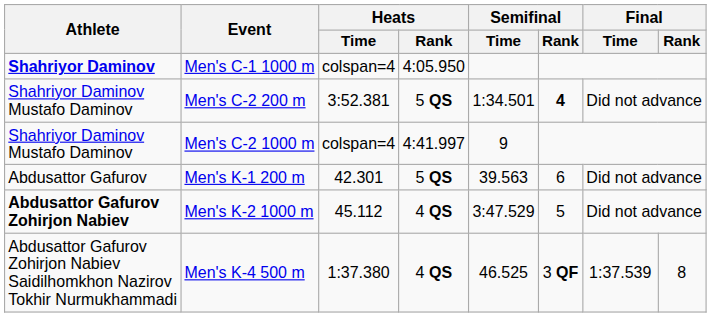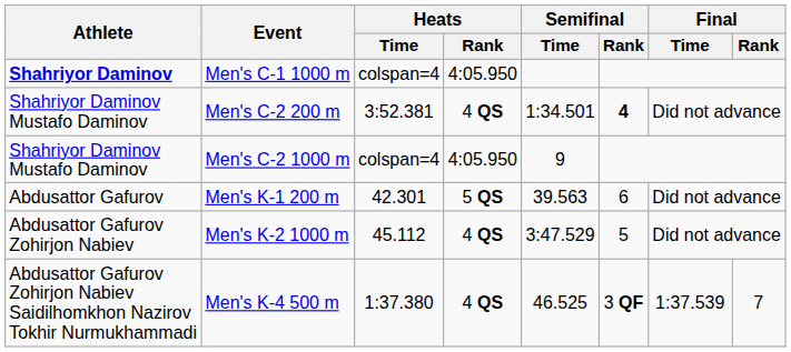 <table class=wikitable style=font-size:90%;text-align:center>
 <tr>
 <th rowspan=2>Athlete</th>
 <th rowspan=2>Event</th>
 <th colspan=2>Heats</th>
 <th colspan=2>Semifinal</th>
 <th colspan=2>Final</th>
 </tr>
 <tr style="font-size:95%">
 <th>Time</th>
 <th>Rank</th>
 <th>Time</th>
 <th>Rank</th>
 <th>Time</th>
 <th>Rank</th>
 </tr>
 <tr>
 <td align=left><strong><a href='#'>Shahriyor Daminov</a></strong></td>
 <td align=left><a href='#'>Men's C-1 1000 m</a></td>
 <td>colspan=4 </td>
 <td>4:05.950</td>
 <td></td>
 </tr>
 <tr>
 <td align=left><a href='#'>Shahriyor Daminov</a><br>Mustafo Daminov</td>
 <td align=left><a href='#'>Men's C-2 200 m</a></td>
 <td>3:52.381</td>
-<td>5 <strong>QS</strong></td>
+<td>4 <strong>QS</strong></td>
 <td>1:34.501</td>
 <td><strong>4</strong></td>
 <td colspan=2>Did not advance</td>
 </tr>
 <tr>
 <td align=left><a href='#'>Shahriyor Daminov</a><br>Mustafo Daminov</td>
 <td align=left><a href='#'>Men's C-2 1000 m</a></td>
 <td>colspan=4 </td>
-<td>4:41.997</td>
+<td>4:05.950</td>
 <td>9</td>
 </tr>
 <tr>
 <td align=left>Abdusattor Gafurov</td>
 <td align=left><a href='#'>Men's K-1 200 m</a></td>
 <td>42.301</td>
 <td>5 <strong>QS</strong></td>
 <td>39.563</td>
 <td>6</td>
 <td colspan=2>Did not advance</td>
 </tr>
 <tr>
-<td align=left><strong>Abdusattor Gafurov<br>Zohirjon Nabiev</strong></td>
+<td align=left>Abdusattor Gafurov<br>Zohirjon Nabiev</td>
 <td align=left><a href='#'>Men's K-2 1000 m</a></td>
 <td>45.112</td>
 <td>4 <strong>QS</strong></td>
 <td>3:47.529</td>
 <td>5</td>
 <td colspan=2>Did not advance</td>
 </tr>
 <tr>
 <td align=left>Abdusattor Gafurov<br>Zohirjon Nabiev<br>Saidilhomkhon Nazirov<br>Tokhir Nurmukhammadi</td>
 <td align=left><a href='#'>Men's K-4 500 m</a></td>
 <td>1:37.380</td>
 <td>4 <strong>QS</strong></td>
 <td>46.525</td>
 <td>3 <strong>QF</strong></td>
 <td>1:37.539</td>
-<td>8</td>
+<td>7</td>
 </tr>
 </table>
